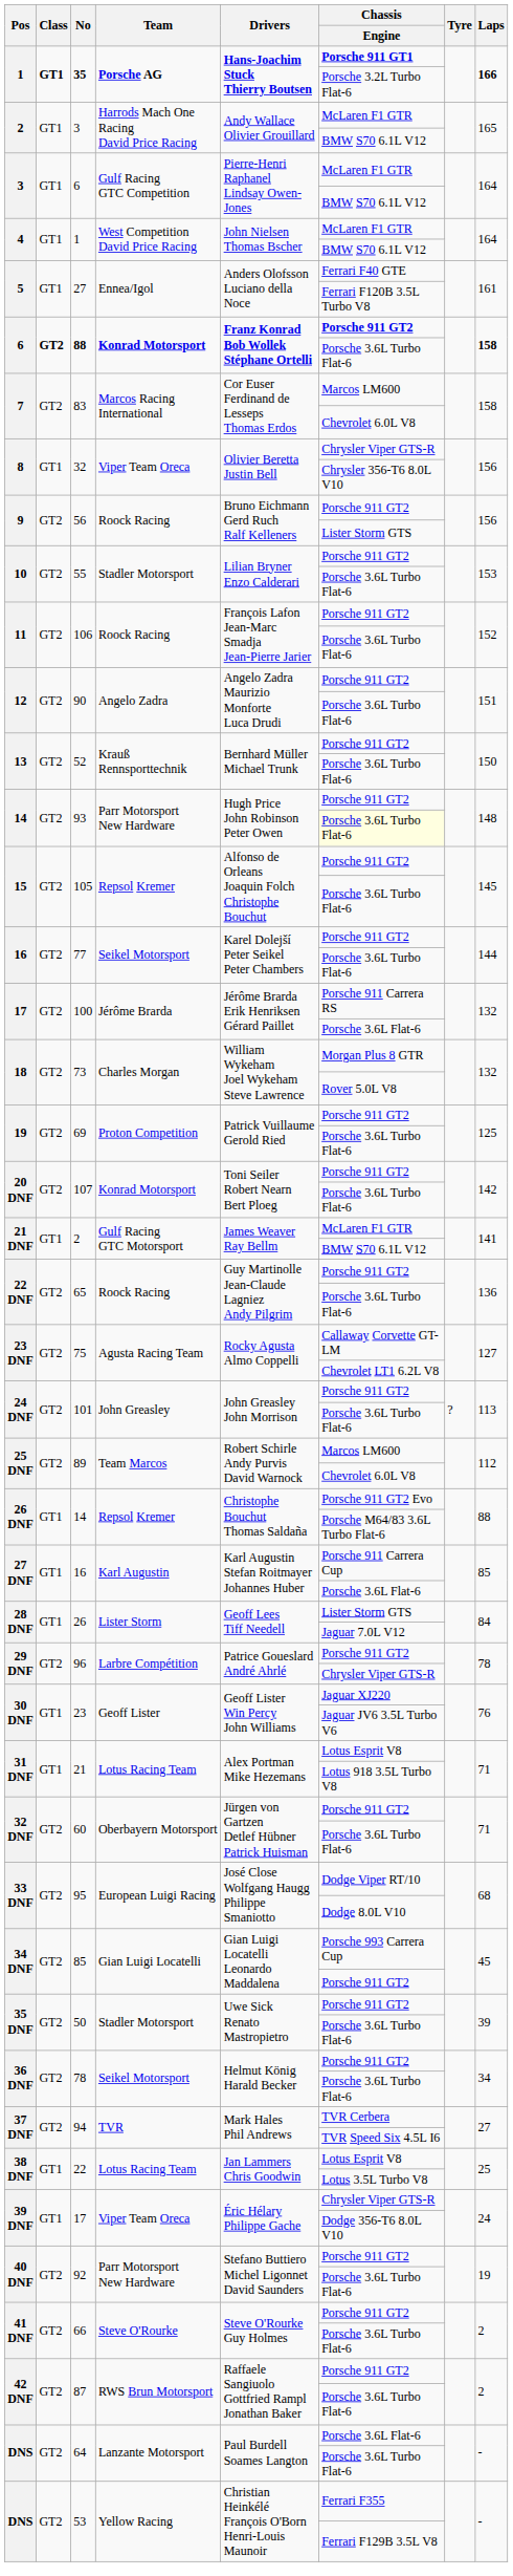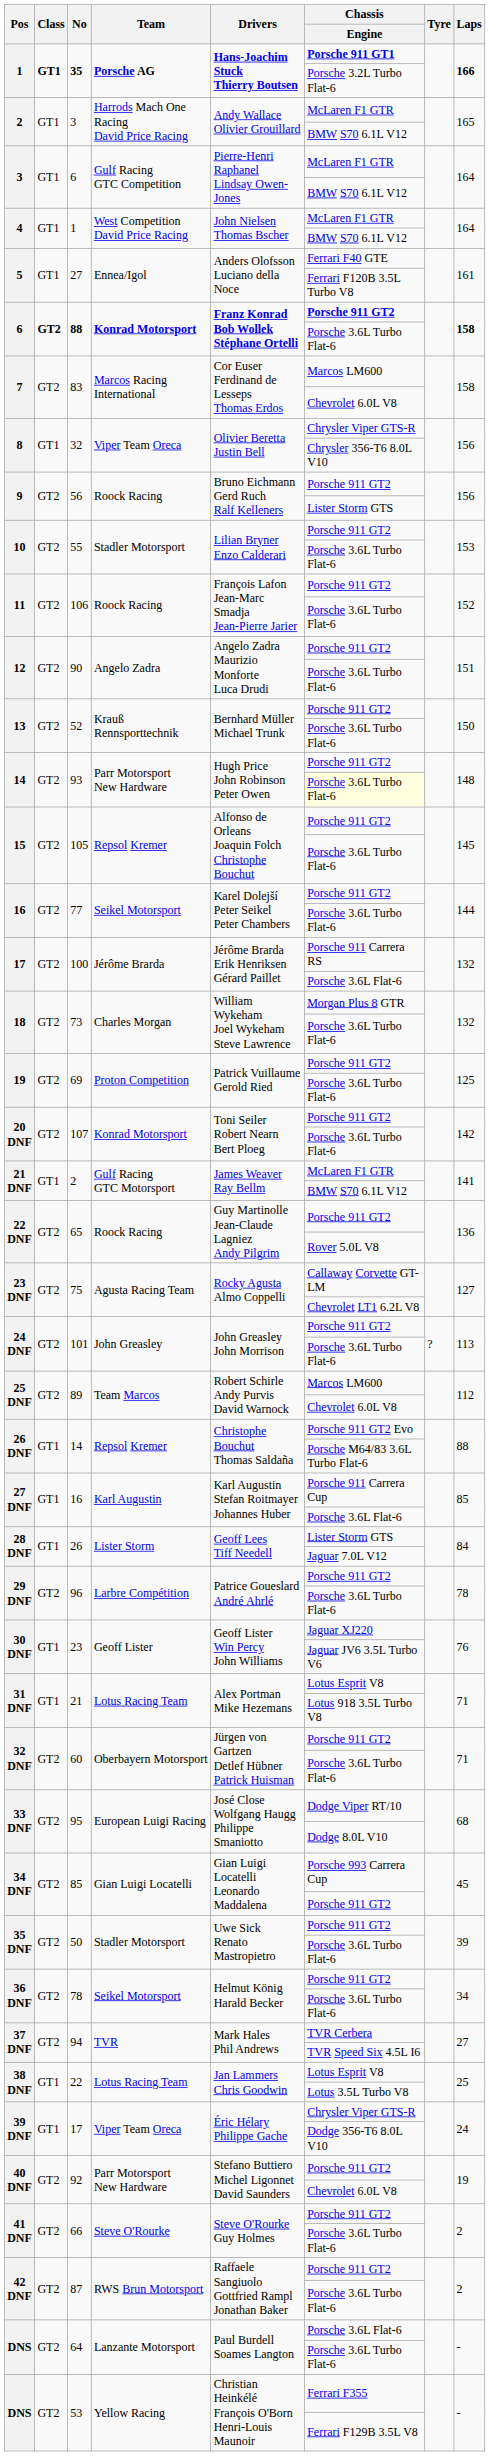 <table class="wikitable" style="font-size: 95%;">
 <tr>
 <th rowspan=2>Pos</th>
 <th rowspan=2>Class</th>
 <th rowspan=2>No</th>
 <th rowspan=2>Team</th>
 <th rowspan=2>Drivers</th>
 <th>Chassis</th>
 <th rowspan=2>Tyre</th>
 <th rowspan=2>Laps</th>
 </tr>
 <tr>
 <th>Engine</th>
 </tr>
 <tr style="font-weight:bold">
 <th rowspan=2>1</th>
 <td rowspan=2>GT1</td>
 <td rowspan=2>35</td>
 <td rowspan=2> <a href='#'>Porsche</a> AG</td>
 <td rowspan=2> <a href='#'>Hans-Joachim Stuck</a><br> <a href='#'>Thierry Boutsen</a></td>
 <td><a href='#'>Porsche 911 GT1</a></td>
 <td rowspan=2></td>
 <td rowspan=2>166</td>
 </tr>
 <tr>
 <td><a href='#'>Porsche</a> 3.2L Turbo Flat-6</td>
 </tr>
 <tr>
 <th rowspan=2>2</th>
 <td rowspan=2>GT1</td>
 <td rowspan=2>3</td>
 <td rowspan=2> <a href='#'>Harrods</a> Mach One Racing<br> <a href='#'>David Price Racing</a></td>
 <td rowspan=2> <a href='#'>Andy Wallace</a><br> <a href='#'>Olivier Grouillard</a></td>
 <td><a href='#'>McLaren F1 GTR</a></td>
 <td rowspan=2></td>
 <td rowspan=2>165</td>
 </tr>
 <tr>
 <td><a href='#'>BMW</a> <a href='#'>S70</a> 6.1L V12</td>
 </tr>
 <tr>
 <th rowspan=2>3</th>
 <td rowspan=2>GT1</td>
 <td rowspan=2>6</td>
 <td rowspan=2> <a href='#'>Gulf</a> Racing<br> GTC Competition</td>
 <td rowspan=2> <a href='#'>Pierre-Henri Raphanel</a><br> <a href='#'>Lindsay Owen-Jones</a></td>
 <td><a href='#'>McLaren F1 GTR</a></td>
 <td rowspan=2></td>
 <td rowspan=2>164</td>
 </tr>
 <tr>
 <td><a href='#'>BMW</a> <a href='#'>S70</a> 6.1L V12</td>
 </tr>
 <tr>
 <th rowspan=2>4</th>
 <td rowspan=2>GT1</td>
 <td rowspan=2>1</td>
 <td rowspan=2> <a href='#'>West</a> Competition<br> <a href='#'>David Price Racing</a></td>
 <td rowspan=2> <a href='#'>John Nielsen</a><br> <a href='#'>Thomas Bscher</a></td>
 <td><a href='#'>McLaren F1 GTR</a></td>
 <td rowspan=2></td>
 <td rowspan=2>164</td>
 </tr>
 <tr>
 <td><a href='#'>BMW</a> <a href='#'>S70</a> 6.1L V12</td>
 </tr>
 <tr>
 <th rowspan=2>5</th>
 <td rowspan=2>GT1</td>
 <td rowspan=2>27</td>
 <td rowspan=2> Ennea/Igol</td>
 <td rowspan=2> Anders Olofsson<br> Luciano della Noce</td>
 <td><a href='#'>Ferrari F40</a> GTE</td>
 <td rowspan=2></td>
 <td rowspan=2>161</td>
 </tr>
 <tr>
 <td><a href='#'>Ferrari</a> F120B 3.5L Turbo V8</td>
 </tr>
 <tr style="font-weight:bold">
 <th rowspan=2>6</th>
 <td rowspan=2>GT2</td>
 <td rowspan=2>88</td>
 <td rowspan=2> <a href='#'>Konrad Motorsport</a></td>
 <td rowspan=2> <a href='#'>Franz Konrad</a><br> <a href='#'>Bob Wollek</a><br> <a href='#'>Stéphane Ortelli</a></td>
 <td><a href='#'>Porsche 911 GT2</a></td>
 <td rowspan=2></td>
 <td rowspan=2>158</td>
 </tr>
 <tr>
 <td><a href='#'>Porsche</a> 3.6L Turbo Flat-6</td>
 </tr>
 <tr>
 <th rowspan=2>7</th>
 <td rowspan=2>GT2</td>
 <td rowspan=2>83</td>
 <td rowspan=2> <a href='#'>Marcos</a> Racing International</td>
 <td rowspan=2> Cor Euser<br> Ferdinand de Lesseps<br> <a href='#'>Thomas Erdos</a></td>
 <td><a href='#'>Marcos</a> LM600</td>
 <td rowspan=2></td>
 <td rowspan=2>158</td>
 </tr>
 <tr>
 <td><a href='#'>Chevrolet</a> 6.0L V8</td>
 </tr>
 <tr>
 <th rowspan=2>8</th>
 <td rowspan=2>GT1</td>
 <td rowspan=2>32</td>
 <td rowspan=2> <a href='#'>Viper</a> Team <a href='#'>Oreca</a></td>
 <td rowspan=2> <a href='#'>Olivier Beretta</a><br> <a href='#'>Justin Bell</a></td>
 <td><a href='#'>Chrysler Viper GTS-R</a></td>
 <td rowspan=2></td>
 <td rowspan=2>156</td>
 </tr>
 <tr>
 <td><a href='#'>Chrysler</a> 356-T6 8.0L V10</td>
 </tr>
 <tr>
 <th rowspan=2>9</th>
 <td rowspan=2>GT2</td>
 <td rowspan=2>56</td>
 <td rowspan=2> Roock Racing</td>
 <td rowspan=2> Bruno Eichmann<br> Gerd Ruch<br> <a href='#'>Ralf Kelleners</a></td>
 <td><a href='#'>Porsche 911 GT2</a></td>
 <td rowspan=2></td>
 <td rowspan=2>156</td>
 </tr>
 <tr>
 <td><a href='#'>Lister Storm</a> GTS</td>
 </tr>
 <tr>
 <th rowspan=2>10</th>
 <td rowspan=2>GT2</td>
 <td rowspan=2>55</td>
 <td rowspan=2> Stadler Motorsport</td>
 <td rowspan=2> <a href='#'>Lilian Bryner</a><br> <a href='#'>Enzo Calderari</a></td>
 <td><a href='#'>Porsche 911 GT2</a></td>
 <td rowspan=2></td>
 <td rowspan=2>153</td>
 </tr>
 <tr>
 <td><a href='#'>Porsche</a> 3.6L Turbo Flat-6</td>
 </tr>
 <tr>
 <th rowspan=2>11</th>
 <td rowspan=2>GT2</td>
 <td rowspan=2>106</td>
 <td rowspan=2> Roock Racing</td>
 <td rowspan=2> François Lafon<br> Jean-Marc Smadja<br> <a href='#'>Jean-Pierre Jarier</a></td>
 <td><a href='#'>Porsche 911 GT2</a></td>
 <td rowspan=2></td>
 <td rowspan=2>152</td>
 </tr>
 <tr>
 <td><a href='#'>Porsche</a> 3.6L Turbo Flat-6</td>
 </tr>
 <tr>
 <th rowspan=2>12</th>
 <td rowspan=2>GT2</td>
 <td rowspan=2>90</td>
 <td rowspan=2> Angelo Zadra</td>
 <td rowspan=2> Angelo Zadra<br> Maurizio Monforte<br> Luca Drudi</td>
 <td><a href='#'>Porsche 911 GT2</a></td>
 <td rowspan=2></td>
 <td rowspan=2>151</td>
 </tr>
 <tr>
 <td><a href='#'>Porsche</a> 3.6L Turbo Flat-6</td>
 </tr>
 <tr>
 <th rowspan=2>13</th>
 <td rowspan=2>GT2</td>
 <td rowspan=2>52</td>
 <td rowspan=2> Krauß Rennsporttechnik</td>
 <td rowspan=2> Bernhard Müller<br> Michael Trunk</td>
 <td><a href='#'>Porsche 911 GT2</a></td>
 <td rowspan=2></td>
 <td rowspan=2>150</td>
 </tr>
 <tr>
 <td><a href='#'>Porsche</a> 3.6L Turbo Flat-6</td>
 </tr>
 <tr>
 <th rowspan=2>14</th>
 <td rowspan=2>GT2</td>
 <td rowspan=2>93</td>
 <td rowspan=2> Parr Motorsport<br> New Hardware</td>
 <td rowspan=2> Hugh Price<br> John Robinson<br> Peter Owen</td>
 <td><a href='#'>Porsche 911 GT2</a></td>
 <td rowspan=2></td>
 <td rowspan=2>148</td>
 </tr>
 <tr>
 <td style="background: lightyellow;"><a href='#'>Porsche</a> 3.6L Turbo Flat-6</td>
 </tr>
 <tr>
 <th rowspan=2>15</th>
 <td rowspan=2>GT2</td>
 <td rowspan=2>105</td>
 <td rowspan=2> <a href='#'>Repsol</a> <a href='#'>Kremer</a></td>
 <td rowspan=2> Alfonso de Orleans<br> Joaquin Folch<br> <a href='#'>Christophe Bouchut</a></td>
 <td><a href='#'>Porsche 911 GT2</a></td>
 <td rowspan=2></td>
 <td rowspan=2>145</td>
 </tr>
 <tr>
 <td><a href='#'>Porsche</a> 3.6L Turbo Flat-6</td>
 </tr>
 <tr>
 <th rowspan=2>16</th>
 <td rowspan=2>GT2</td>
 <td rowspan=2>77</td>
 <td rowspan=2> <a href='#'>Seikel Motorsport</a></td>
 <td rowspan=2> Karel Dolejší<br> Peter Seikel<br> Peter Chambers</td>
 <td><a href='#'>Porsche 911 GT2</a></td>
 <td rowspan=2></td>
 <td rowspan=2>144</td>
 </tr>
 <tr>
 <td><a href='#'>Porsche</a> 3.6L Turbo Flat-6</td>
 </tr>
 <tr>
 <th rowspan=2>17</th>
 <td rowspan=2>GT2</td>
 <td rowspan=2>100</td>
 <td rowspan=2> Jérôme Brarda</td>
 <td rowspan=2> Jérôme Brarda<br> Erik Henriksen<br> Gérard Paillet</td>
 <td><a href='#'>Porsche 911</a> Carrera RS</td>
 <td rowspan=2></td>
 <td rowspan=2>132</td>
 </tr>
 <tr>
 <td><a href='#'>Porsche</a> 3.6L Flat-6</td>
 </tr>
 <tr>
 <th rowspan=2>18</th>
 <td rowspan=2>GT2</td>
 <td rowspan=2>73</td>
 <td rowspan=2> Charles Morgan</td>
 <td rowspan=2> William Wykeham<br> Joel Wykeham<br> Steve Lawrence</td>
 <td><a href='#'>Morgan Plus 8</a> GTR</td>
 <td rowspan=2></td>
 <td rowspan=2>132</td>
 </tr>
 <tr>
-<td><a href='#'>Rover</a> 5.0L V8</td>
+<td><a href='#'>Porsche</a> 3.6L Turbo Flat-6</td>
 </tr>
 <tr>
 <th rowspan=2>19</th>
 <td rowspan=2>GT2</td>
 <td rowspan=2>69</td>
 <td rowspan=2> <a href='#'>Proton Competition</a></td>
 <td rowspan=2> Patrick Vuillaume<br> Gerold Ried</td>
 <td><a href='#'>Porsche 911 GT2</a></td>
 <td rowspan=2></td>
 <td rowspan=2>125</td>
 </tr>
 <tr>
 <td><a href='#'>Porsche</a> 3.6L Turbo Flat-6</td>
 </tr>
 <tr>
 <th rowspan=2>20<br>DNF</th>
 <td rowspan=2>GT2</td>
 <td rowspan=2>107</td>
 <td rowspan=2> <a href='#'>Konrad Motorsport</a></td>
 <td rowspan=2> Toni Seiler<br> Robert Nearn<br> Bert Ploeg</td>
 <td><a href='#'>Porsche 911 GT2</a></td>
 <td rowspan=2></td>
 <td rowspan=2>142</td>
 </tr>
 <tr>
 <td><a href='#'>Porsche</a> 3.6L Turbo Flat-6</td>
 </tr>
 <tr>
 <th rowspan=2>21<br>DNF</th>
 <td rowspan=2>GT1</td>
 <td rowspan=2>2</td>
 <td rowspan=2> <a href='#'>Gulf</a> Racing<br> GTC Motorsport</td>
 <td rowspan=2> <a href='#'>James Weaver</a><br> <a href='#'>Ray Bellm</a></td>
 <td><a href='#'>McLaren F1 GTR</a></td>
 <td rowspan=2></td>
 <td rowspan=2>141</td>
 </tr>
 <tr>
 <td><a href='#'>BMW</a> <a href='#'>S70</a> 6.1L V12</td>
 </tr>
 <tr>
 <th rowspan=2>22<br>DNF</th>
 <td rowspan=2>GT2</td>
 <td rowspan=2>65</td>
 <td rowspan=2> Roock Racing</td>
 <td rowspan=2> Guy Martinolle<br> Jean-Claude Lagniez<br> <a href='#'>Andy Pilgrim</a></td>
 <td><a href='#'>Porsche 911 GT2</a></td>
 <td rowspan=2></td>
 <td rowspan=2>136</td>
 </tr>
 <tr>
-<td><a href='#'>Porsche</a> 3.6L Turbo Flat-6</td>
+<td><a href='#'>Rover</a> 5.0L V8</td>
 </tr>
 <tr>
 <th rowspan=2>23<br>DNF</th>
 <td rowspan=2>GT2</td>
 <td rowspan=2>75</td>
 <td rowspan=2> Agusta Racing Team</td>
 <td rowspan=2> <a href='#'>Rocky Agusta</a><br> Almo Coppelli</td>
 <td><a href='#'>Callaway</a> <a href='#'>Corvette</a> GT-LM</td>
 <td rowspan=2></td>
 <td rowspan=2>127</td>
 </tr>
 <tr>
 <td><a href='#'>Chevrolet</a> <a href='#'>LT1</a> 6.2L V8</td>
 </tr>
 <tr>
 <th rowspan=2>24<br>DNF</th>
 <td rowspan=2>GT2</td>
 <td rowspan=2>101</td>
 <td rowspan=2> John Greasley</td>
 <td rowspan=2> John Greasley<br> John Morrison</td>
 <td><a href='#'>Porsche 911 GT2</a></td>
 <td rowspan=2>?</td>
 <td rowspan=2>113</td>
 </tr>
 <tr>
 <td><a href='#'>Porsche</a> 3.6L Turbo Flat-6</td>
 </tr>
 <tr>
 <th rowspan=2>25<br>DNF</th>
 <td rowspan=2>GT2</td>
 <td rowspan=2>89</td>
 <td rowspan=2> Team <a href='#'>Marcos</a></td>
 <td rowspan=2> Robert Schirle<br> Andy Purvis<br> David Warnock</td>
 <td><a href='#'>Marcos</a> LM600</td>
 <td rowspan=2></td>
 <td rowspan=2>112</td>
 </tr>
 <tr>
 <td><a href='#'>Chevrolet</a> 6.0L V8</td>
 </tr>
 <tr>
 <th rowspan=2>26<br>DNF</th>
 <td rowspan=2>GT1</td>
 <td rowspan=2>14</td>
 <td rowspan=2> <a href='#'>Repsol</a> <a href='#'>Kremer</a></td>
 <td rowspan=2> <a href='#'>Christophe Bouchut</a><br> Thomas Saldaña</td>
 <td><a href='#'>Porsche 911 GT2</a> Evo</td>
 <td rowspan=2></td>
 <td rowspan=2>88</td>
 </tr>
 <tr>
 <td><a href='#'>Porsche</a> M64/83 3.6L Turbo Flat-6</td>
 </tr>
 <tr>
 <th rowspan=2>27<br>DNF</th>
 <td rowspan=2>GT1</td>
 <td rowspan=2>16</td>
 <td rowspan=2> <a href='#'>Karl Augustin</a></td>
 <td rowspan=2> Karl Augustin<br> Stefan Roitmayer<br> Johannes Huber</td>
 <td><a href='#'>Porsche 911</a> Carrera Cup</td>
 <td rowspan=2></td>
 <td rowspan=2>85</td>
 </tr>
 <tr>
 <td><a href='#'>Porsche</a> 3.6L Flat-6</td>
 </tr>
 <tr>
 <th rowspan=2>28<br>DNF</th>
 <td rowspan=2>GT1</td>
 <td rowspan=2>26</td>
 <td rowspan=2> <a href='#'>Lister Storm</a></td>
 <td rowspan=2> <a href='#'>Geoff Lees</a><br> <a href='#'>Tiff Needell</a></td>
 <td><a href='#'>Lister Storm</a> GTS</td>
 <td rowspan=2></td>
 <td rowspan=2>84</td>
 </tr>
 <tr>
 <td><a href='#'>Jaguar</a> 7.0L V12</td>
 </tr>
 <tr>
 <th rowspan=2>29<br>DNF</th>
 <td rowspan=2>GT2</td>
 <td rowspan=2>96</td>
 <td rowspan=2> <a href='#'>Larbre Compétition</a></td>
 <td rowspan=2> Patrice Goueslard<br> <a href='#'>André Ahrlé</a></td>
 <td><a href='#'>Porsche 911 GT2</a></td>
 <td rowspan=2></td>
 <td rowspan=2>78</td>
 </tr>
 <tr>
-<td><a href='#'>Chrysler Viper GTS-R</a></td>
+<td><a href='#'>Porsche</a> 3.6L Turbo Flat-6</td>
 </tr>
 <tr>
 <th rowspan=2>30<br>DNF</th>
 <td rowspan=2>GT1</td>
 <td rowspan=2>23</td>
 <td rowspan=2> Geoff Lister</td>
 <td rowspan=2> Geoff Lister<br> <a href='#'>Win Percy</a><br> John Williams</td>
 <td><a href='#'>Jaguar XJ220</a></td>
 <td rowspan=2></td>
 <td rowspan=2>76</td>
 </tr>
 <tr>
 <td><a href='#'>Jaguar</a> JV6 3.5L Turbo V6</td>
 </tr>
 <tr>
 <th rowspan=2>31<br>DNF</th>
 <td rowspan=2>GT1</td>
 <td rowspan=2>21</td>
 <td rowspan=2> <a href='#'>Lotus Racing Team</a></td>
 <td rowspan=2> Alex Portman<br> Mike Hezemans</td>
 <td><a href='#'>Lotus Esprit</a> V8</td>
 <td rowspan=2></td>
 <td rowspan=2>71</td>
 </tr>
 <tr>
 <td><a href='#'>Lotus</a> 918 3.5L Turbo V8</td>
 </tr>
 <tr>
 <th rowspan=2>32<br>DNF</th>
 <td rowspan=2>GT2</td>
 <td rowspan=2>60</td>
 <td rowspan=2> Oberbayern Motorsport</td>
 <td rowspan=2> Jürgen von Gartzen<br> Detlef Hübner<br> <a href='#'>Patrick Huisman</a></td>
 <td><a href='#'>Porsche 911 GT2</a></td>
 <td rowspan=2></td>
 <td rowspan=2>71</td>
 </tr>
 <tr>
 <td><a href='#'>Porsche</a> 3.6L Turbo Flat-6</td>
 </tr>
 <tr>
 <th rowspan=2>33<br>DNF</th>
 <td rowspan=2>GT2</td>
 <td rowspan=2>95</td>
 <td rowspan=2> European Luigi Racing</td>
 <td rowspan=2> José Close<br> Wolfgang Haugg<br> Philippe Smaniotto</td>
 <td><a href='#'>Dodge Viper</a> RT/10</td>
 <td rowspan=2></td>
 <td rowspan=2>68</td>
 </tr>
 <tr>
 <td><a href='#'>Dodge</a> 8.0L V10</td>
 </tr>
 <tr>
 <th rowspan=2>34<br>DNF</th>
 <td rowspan=2>GT2</td>
 <td rowspan=2>85</td>
 <td rowspan=2> Gian Luigi Locatelli</td>
 <td rowspan=2> Gian Luigi Locatelli<br> Leonardo Maddalena</td>
 <td><a href='#'>Porsche 993</a> Carrera Cup</td>
 <td rowspan=2></td>
 <td rowspan=2>45</td>
 </tr>
 <tr>
 <td><a href='#'>Porsche 911 GT2</a></td>
 </tr>
 <tr>
 <th rowspan=2>35<br>DNF</th>
 <td rowspan=2>GT2</td>
 <td rowspan=2>50</td>
 <td rowspan=2> Stadler Motorsport</td>
 <td rowspan=2> Uwe Sick<br> Renato Mastropietro</td>
 <td><a href='#'>Porsche 911 GT2</a></td>
 <td rowspan=2></td>
 <td rowspan=2>39</td>
 </tr>
 <tr>
 <td><a href='#'>Porsche</a> 3.6L Turbo Flat-6</td>
 </tr>
 <tr>
 <th rowspan=2>36<br>DNF</th>
 <td rowspan=2>GT2</td>
 <td rowspan=2>78</td>
 <td rowspan=2> <a href='#'>Seikel Motorsport</a></td>
 <td rowspan=2> Helmut König<br> Harald Becker</td>
 <td><a href='#'>Porsche 911 GT2</a></td>
 <td rowspan=2></td>
 <td rowspan=2>34</td>
 </tr>
 <tr>
 <td><a href='#'>Porsche</a> 3.6L Turbo Flat-6</td>
 </tr>
 <tr>
 <th rowspan=2>37<br>DNF</th>
 <td rowspan=2>GT2</td>
 <td rowspan=2>94</td>
 <td rowspan=2> <a href='#'>TVR</a></td>
 <td rowspan=2> Mark Hales<br> Phil Andrews</td>
 <td><a href='#'>TVR Cerbera</a></td>
 <td rowspan=2></td>
 <td rowspan=2>27</td>
 </tr>
 <tr>
 <td><a href='#'>TVR</a> <a href='#'>Speed Six</a> 4.5L I6</td>
 </tr>
 <tr>
 <th rowspan=2>38<br>DNF</th>
 <td rowspan=2>GT1</td>
 <td rowspan=2>22</td>
 <td rowspan=2> <a href='#'>Lotus Racing Team</a></td>
 <td rowspan=2> <a href='#'>Jan Lammers</a><br> <a href='#'>Chris Goodwin</a></td>
 <td><a href='#'>Lotus Esprit</a> V8</td>
 <td rowspan=2></td>
 <td rowspan=2>25</td>
 </tr>
 <tr>
 <td><a href='#'>Lotus</a> 3.5L Turbo V8</td>
 </tr>
 <tr>
 <th rowspan=2>39<br>DNF</th>
 <td rowspan=2>GT1</td>
 <td rowspan=2>17</td>
 <td rowspan=2> <a href='#'>Viper</a> Team <a href='#'>Oreca</a></td>
 <td rowspan=2> <a href='#'>Éric Hélary</a><br> <a href='#'>Philippe Gache</a></td>
 <td><a href='#'>Chrysler Viper GTS-R</a></td>
 <td rowspan=2></td>
 <td rowspan=2>24</td>
 </tr>
 <tr>
 <td><a href='#'>Dodge</a> 356-T6 8.0L V10</td>
 </tr>
 <tr>
 <th rowspan=2>40<br>DNF</th>
 <td rowspan=2>GT2</td>
 <td rowspan=2>92</td>
 <td rowspan=2> Parr Motorsport<br> New Hardware</td>
 <td rowspan=2> Stefano Buttiero<br> Michel Ligonnet<br> David Saunders</td>
 <td><a href='#'>Porsche 911 GT2</a></td>
 <td rowspan=2></td>
 <td rowspan=2>19</td>
 </tr>
 <tr>
-<td><a href='#'>Porsche</a> 3.6L Turbo Flat-6</td>
+<td><a href='#'>Chevrolet</a> 6.0L V8</td>
 </tr>
 <tr>
 <th rowspan=2>41<br>DNF</th>
 <td rowspan=2>GT2</td>
 <td rowspan=2>66</td>
 <td rowspan=2> <a href='#'>Steve O'Rourke</a></td>
 <td rowspan=2> <a href='#'>Steve O'Rourke</a><br> Guy Holmes</td>
 <td><a href='#'>Porsche 911 GT2</a></td>
 <td rowspan=2></td>
 <td rowspan=2>2</td>
 </tr>
 <tr>
 <td><a href='#'>Porsche</a> 3.6L Turbo Flat-6</td>
 </tr>
 <tr>
 <th rowspan=2>42<br>DNF</th>
 <td rowspan=2>GT2</td>
 <td rowspan=2>87</td>
 <td rowspan=2> RWS <a href='#'>Brun Motorsport</a></td>
 <td rowspan=2> Raffaele Sangiuolo<br> Gottfried Rampl<br> Jonathan Baker</td>
 <td><a href='#'>Porsche 911 GT2</a></td>
 <td rowspan=2></td>
 <td rowspan=2>2</td>
 </tr>
 <tr>
 <td><a href='#'>Porsche</a> 3.6L Turbo Flat-6</td>
 </tr>
 <tr>
 <th rowspan=2>DNS</th>
 <td rowspan=2>GT2</td>
 <td rowspan=2>64</td>
 <td rowspan=2> Lanzante Motorsport</td>
 <td rowspan=2> Paul Burdell<br> Soames Langton</td>
 <td><a href='#'>Porsche</a> 3.6L Flat-6</td>
 <td rowspan=2></td>
 <td rowspan=2>-</td>
 </tr>
 <tr>
 <td><a href='#'>Porsche</a> 3.6L Turbo Flat-6</td>
 </tr>
 <tr>
 <th rowspan=2>DNS</th>
 <td rowspan=2>GT2</td>
 <td rowspan=2>53</td>
 <td rowspan=2> Yellow Racing</td>
 <td rowspan=2> Christian Heinkélé<br> François O'Born<br> Henri-Louis Maunoir</td>
 <td><a href='#'>Ferrari F355</a></td>
 <td rowspan=2></td>
 <td rowspan=2>-</td>
 </tr>
 <tr>
 <td><a href='#'>Ferrari</a> F129B 3.5L V8</td>
 </tr>
 </table>
